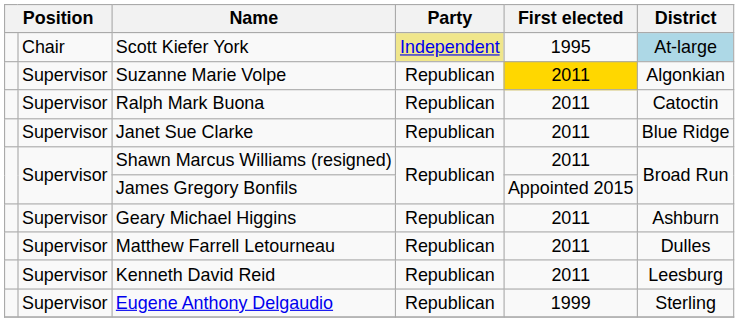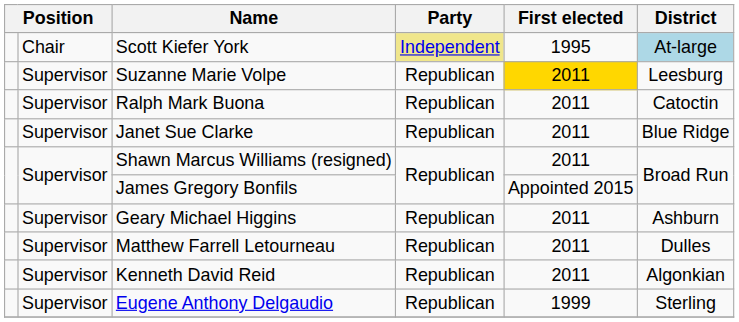 <table class="wikitable">
 <tr>
 <th colspan="2" align="center" valign="bottom">Position</th>
 <th style="text-align:center;">Name</th>
 <th valign="bottom">Party</th>
 <th valign="bottom" align="center">First elected</th>
 <th valign="bottom" align="center">District</th>
 </tr>
 <tr>
 <td style="background-color:"> </td>
 <td>Chair</td>
 <td>Scott Kiefer York</td>
 <td style="background: khaki; text-align:center;"><a href='#'>Independent</a></td>
 <td style="text-align:center;">1995</td>
 <td style="background: lightblue; text-align:center;">At-large</td>
 </tr>
 <tr>
 <td style="background-color:"> </td>
 <td>Supervisor</td>
 <td>Suzanne Marie Volpe</td>
 <td style="text-align:center;">Republican</td>
 <td style="background: gold; text-align:center;">2011</td>
-<td style="text-align:center;">Algonkian</td>
+<td style="text-align:center;">Leesburg</td>
 </tr>
 <tr>
 <td style="background-color:"> </td>
 <td>Supervisor</td>
 <td>Ralph Mark Buona</td>
 <td style="text-align:center;">Republican</td>
 <td style="text-align:center;">2011</td>
 <td style="text-align:center;">Catoctin</td>
 </tr>
 <tr>
 <td style="background-color:"> </td>
 <td>Supervisor</td>
 <td>Janet Sue Clarke</td>
 <td style="text-align:center;">Republican</td>
 <td style="text-align:center;">2011</td>
 <td style="text-align:center;">Blue Ridge</td>
 </tr>
 <tr>
 <td rowspan="2" style="background-color:"> </td>
 <td rowspan="2">Supervisor</td>
 <td>Shawn Marcus Williams (resigned)</td>
 <td rowspan="2" style="text-align:center;">Republican</td>
 <td style="text-align:center;">2011</td>
 <td rowspan="2" style="text-align:center;">Broad Run</td>
 </tr>
 <tr>
 <td>James Gregory Bonfils</td>
 <td style="text-align:center;">Appointed 2015</td>
 </tr>
 <tr>
 <td style="background-color:"> </td>
 <td>Supervisor</td>
 <td>Geary Michael Higgins</td>
 <td style="text-align:center;">Republican</td>
 <td style="text-align:center;">2011</td>
 <td style="text-align:center;">Ashburn</td>
 </tr>
 <tr>
 <td style="background-color:"> </td>
 <td>Supervisor</td>
 <td>Matthew Farrell Letourneau</td>
 <td style="text-align:center;">Republican</td>
 <td style="text-align:center;">2011</td>
 <td style="text-align:center;">Dulles</td>
 </tr>
 <tr>
 <td style="background-color:"> </td>
 <td>Supervisor</td>
 <td>Kenneth David Reid</td>
 <td style="text-align:center;">Republican</td>
 <td style="text-align:center;">2011</td>
-<td style="text-align:center;">Leesburg</td>
+<td style="text-align:center;">Algonkian</td>
 </tr>
 <tr>
 <td style="background-color:"> </td>
 <td>Supervisor</td>
 <td><a href='#'>Eugene Anthony Delgaudio</a></td>
 <td style="text-align:center;">Republican</td>
 <td style="text-align:center;">1999</td>
 <td style="text-align:center;">Sterling</td>
 </tr>
 <tr>
 </tr>
 </table>
